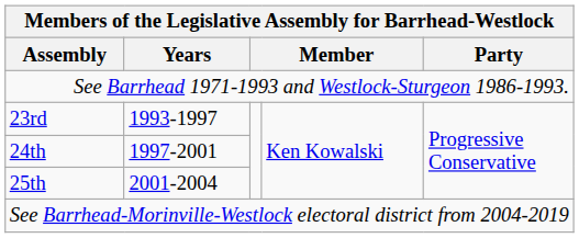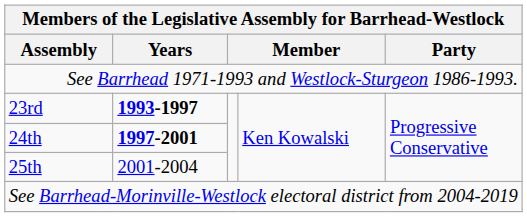 <table class=wikitable align=right>
 <tr>
 <th colspan=5>Members of the Legislative Assembly for Barrhead-Westlock</th>
 </tr>
 <tr>
 <th>Assembly</th>
 <th>Years</th>
 <th colspan=2>Member</th>
 <th>Party</th>
 </tr>
 <tr>
 <td colspan=5 align=right><em>See <a href='#'>Barrhead</a> 1971-1993 and <a href='#'>Westlock-Sturgeon</a> 1986-1993.</em></td>
 </tr>
 <tr>
 <td><a href='#'>23rd</a></td>
-<td><a href='#'>1993</a>-1997</td>
+<td><strong><a href='#'>1993</a>-1997</strong></td>
 <td rowspan=3 ></td>
 <td rowspan=3><a href='#'>Ken Kowalski</a></td>
 <td rowspan=3><a href='#'>Progressive<br>Conservative</a></td>
 </tr>
 <tr>
 <td><a href='#'>24th</a></td>
-<td><a href='#'>1997</a>-2001</td>
+<td><strong><a href='#'>1997</a>-2001</strong></td>
 </tr>
 <tr>
 <td><a href='#'>25th</a></td>
 <td><a href='#'>2001</a>-2004</td>
 </tr>
 <tr>
 <td colspan=5 align=center><em>See <a href='#'>Barrhead-Morinville-Westlock</a> electoral district from 2004-2019</em></td>
 </tr>
 </table>
